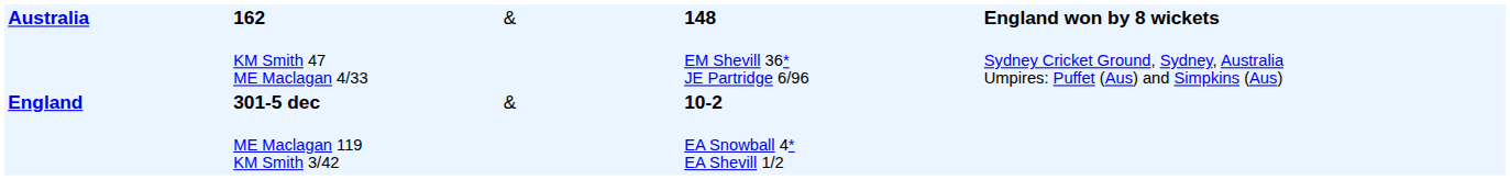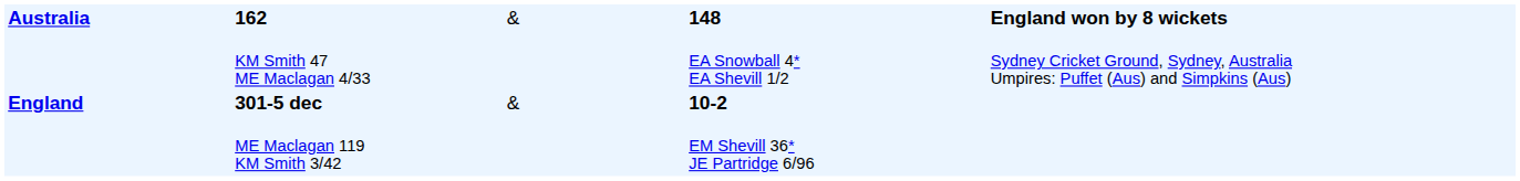 <table width="100%" style="background: #EBF5FF">
 <tr>
 <td width="15%" valign="top" rowspan="2"> <strong><a href='#'>Australia</a></strong></td>
 <td width="18%"><strong>162</strong></td>
 <td width="12%">&</td>
 <td width="20%"><strong>148</strong></td>
 <td width="35%"><strong>England won by 8 wickets</strong></td>
 </tr>
 <tr>
 <td style="font-size: 85%;" valign="top"><br><a href='#'>KM Smith</a> 47<br> <a href='#'>ME Maclagan</a> 4/33</td>
 <td></td>
-<td style="font-size: 85%;"><br><a href='#'>EM Shevill</a> 36<a href='#'>*</a><br> <a href='#'>JE Partridge</a> 6/96</td>
+<td valign="top" style="font-size: 85%;"><br><a href='#'>EA Snowball</a> 4<a href='#'>*</a><br> <a href='#'>EA Shevill</a> 1/2</td>
 <td valign="top" style="font-size: 85%;" rowspan="3"><br><a href='#'>Sydney Cricket Ground</a>, <a href='#'>Sydney</a>, <a href='#'>Australia</a><br> Umpires: <a href='#'>Puffet</a> (<a href='#'>Aus</a>) and <a href='#'>Simpkins</a> (<a href='#'>Aus</a>)<br></td>
 </tr>
 <tr>
 <td valign="top" rowspan="2"> <strong><a href='#'>England</a></strong></td>
 <td><strong>301-5 dec</strong></td>
 <td>&</td>
 <td><strong>10-2</strong></td>
 </tr>
 <tr>
 <td style="font-size: 85%;"><br><a href='#'>ME Maclagan</a> 119<br> <a href='#'>KM Smith</a> 3/42</td>
 <td></td>
-<td valign="top" style="font-size: 85%;"><br><a href='#'>EA Snowball</a> 4<a href='#'>*</a><br> <a href='#'>EA Shevill</a> 1/2</td>
+<td style="font-size: 85%;"><br><a href='#'>EM Shevill</a> 36<a href='#'>*</a><br> <a href='#'>JE Partridge</a> 6/96</td>
 </tr>
 </table>
